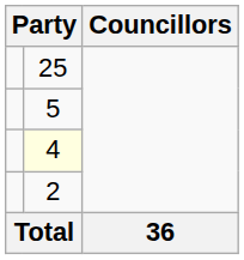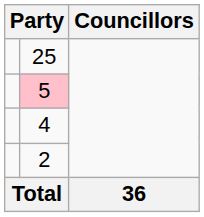 <table class="wikitable">
 <tr>
 <th colspan=2>Party</th>
 <th>Councillors</th>
 </tr>
 <tr>
 <td></td>
 <td align=center>25</td>
 </tr>
 <tr>
 <td></td>
-<td align=center>5</td>
+<td align=center style="background: pink;">5</td>
 </tr>
 <tr>
 <td></td>
-<td align=center style="background: lightyellow;">4</td>
+<td align=center>4</td>
 </tr>
 <tr>
 <td></td>
 <td align=center>2</td>
 </tr>
 <tr>
 <th colspan=2>Total</th>
 <th align=center>36</th>
 </tr>
 </table>
